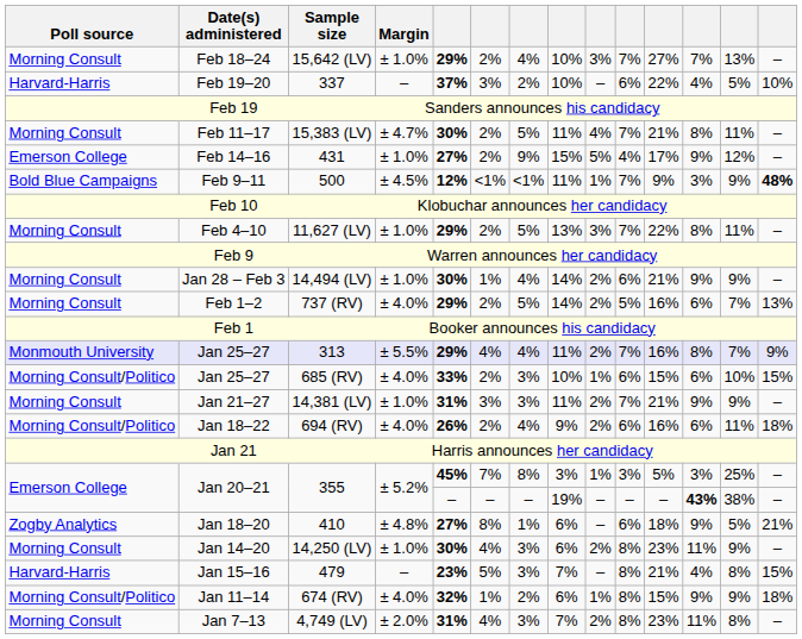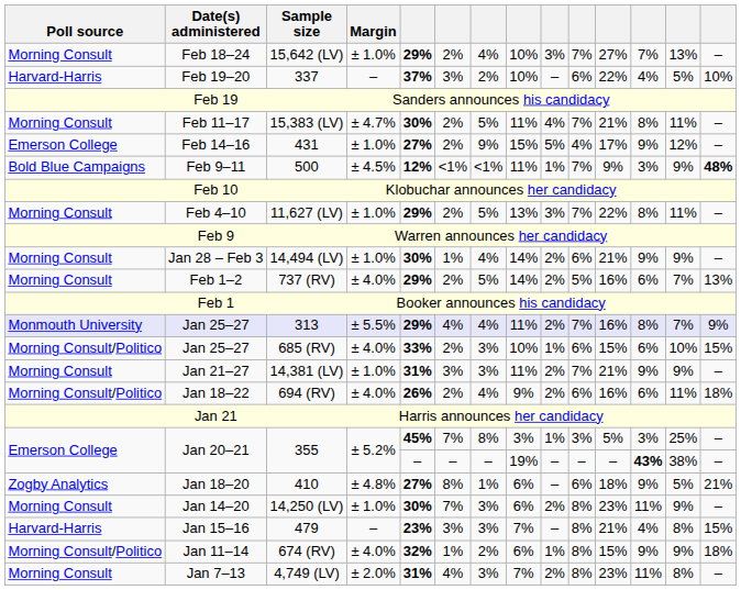 <table class="wikitable sortable" style="text-align:center;">
 <tr valign=bottom>
 <th style="background-position: right 85%;">Poll source</th>
 <th style="background-position: right 85%;">Date(s)<br>administered</th>
 <th style="background-position: right 85%;">Sample<br>size</th>
 <th style="background-position: right 85%;">Margin<br></th>
 <th></th>
 <th></th>
 <th></th>
 <th></th>
 <th></th>
 <th></th>
 <th></th>
 <th></th>
 <th></th>
 <th></th>
 </tr>
 <tr>
 <td style="text-align:left;"><a href='#'>Morning Consult</a></td>
 <td>Feb 18–24</td>
 <td>15,642 (LV)</td>
 <td>± 1.0%</td>
 <td><strong>29%</strong></td>
 <td>2%</td>
 <td>4%</td>
 <td>10%</td>
 <td>3%</td>
 <td>7%</td>
 <td>27%</td>
 <td>7%</td>
 <td>13%</td>
 <td>–</td>
 </tr>
 <tr>
 <td style="text-align:left;"><a href='#'>Harvard-Harris</a></td>
 <td>Feb 19–20</td>
 <td>337</td>
 <td>–</td>
 <td><strong>37%</strong></td>
 <td>3%</td>
 <td>2%</td>
 <td>10%</td>
 <td>–</td>
 <td>6%</td>
 <td>22%</td>
 <td>4%</td>
 <td>5%</td>
 <td>10%</td>
 </tr>
 <tr style="background:lightyellow;">
 <td style="border-right-style:hidden;"></td>
 <td style="border-right-style:hidden;">Feb 19</td>
 <td colspan=14>Sanders announces <a href='#'>his candidacy</a></td>
 </tr>
 <tr>
 <td style="text-align:left;"><a href='#'>Morning Consult</a></td>
 <td>Feb 11–17</td>
 <td>15,383 (LV)</td>
 <td>± 4.7%</td>
 <td><strong>30%</strong></td>
 <td>2%</td>
 <td>5%</td>
 <td>11%</td>
 <td>4%</td>
 <td>7%</td>
 <td>21%</td>
 <td>8%</td>
 <td>11%</td>
 <td>–</td>
 </tr>
 <tr>
 <td style="text-align:left;"><a href='#'>Emerson College</a></td>
 <td>Feb 14–16</td>
 <td>431</td>
 <td>± 1.0%</td>
 <td><strong>27%</strong></td>
 <td>2%</td>
 <td>9%</td>
 <td>15%</td>
 <td>5%</td>
 <td>4%</td>
 <td>17%</td>
 <td>9%</td>
 <td>12%</td>
 <td>–</td>
 </tr>
 <tr>
 <td style="text-align:left;"><a href='#'>Bold Blue Campaigns</a></td>
 <td>Feb 9–11</td>
 <td>500</td>
 <td>± 4.5%</td>
 <td><strong>12%</strong></td>
 <td><1%</td>
 <td><1%</td>
 <td>11%</td>
 <td>1%</td>
 <td>7%</td>
 <td>9%</td>
 <td>3%</td>
 <td>9%</td>
 <td><strong>48%</strong></td>
 </tr>
 <tr style="background:lightyellow;">
 <td style="border-right-style:hidden;"></td>
 <td style="border-right-style:hidden;">Feb 10</td>
 <td colspan=14>Klobuchar announces <a href='#'>her candidacy</a></td>
 </tr>
 <tr>
 <td style="text-align:left;"><a href='#'>Morning Consult</a></td>
 <td>Feb 4–10</td>
 <td>11,627 (LV)</td>
 <td>± 1.0%</td>
 <td><strong>29%</strong></td>
 <td>2%</td>
 <td>5%</td>
 <td>13%</td>
 <td>3%</td>
 <td>7%</td>
 <td>22%</td>
 <td>8%</td>
 <td>11%</td>
 <td>–</td>
 </tr>
 <tr style="background:lightyellow;">
 <td style="border-right-style:hidden;"></td>
 <td style="border-right-style:hidden;">Feb 9</td>
 <td colspan=14>Warren announces <a href='#'>her candidacy</a></td>
 </tr>
 <tr>
 <td style="text-align:left;"><a href='#'>Morning Consult</a></td>
 <td>Jan 28 – Feb 3</td>
 <td>14,494 (LV)</td>
 <td>± 1.0%</td>
 <td><strong>30%</strong></td>
 <td>1%</td>
 <td>4%</td>
 <td>14%</td>
 <td>2%</td>
 <td>6%</td>
 <td>21%</td>
 <td>9%</td>
 <td>9%</td>
 <td>–</td>
 </tr>
 <tr>
 <td style="text-align:left;"><a href='#'>Morning Consult</a></td>
 <td>Feb 1–2</td>
 <td>737 (RV)</td>
 <td>± 4.0%</td>
 <td><strong>29%</strong></td>
 <td>2%</td>
 <td>5%</td>
 <td>14%</td>
 <td>2%</td>
 <td>5%</td>
 <td>16%</td>
 <td>6%</td>
 <td>7%</td>
 <td>13%</td>
 </tr>
 <tr style="background:lightyellow;">
 <td style="border-right-style:hidden;"></td>
 <td style="border-right-style:hidden;">Feb 1</td>
 <td colspan=14>Booker announces <a href='#'>his candidacy</a></td>
 </tr>
 <tr bgcolor=lavender>
 <td style="text-align:left;"><a href='#'>Monmouth University</a></td>
 <td>Jan 25–27</td>
 <td>313</td>
 <td>± 5.5%</td>
 <td><strong>29%</strong></td>
 <td>4%</td>
 <td>4%</td>
 <td>11%</td>
 <td>2%</td>
 <td>7%</td>
 <td>16%</td>
 <td>8%</td>
 <td>7%</td>
 <td>9%</td>
 </tr>
 <tr>
 <td style="text-align:left;"><a href='#'>Morning Consult</a>/<a href='#'>Politico</a></td>
 <td>Jan 25–27</td>
 <td>685 (RV)</td>
 <td>± 4.0%</td>
 <td><strong>33%</strong></td>
 <td>2%</td>
 <td>3%</td>
 <td>10%</td>
 <td>1%</td>
 <td>6%</td>
 <td>15%</td>
 <td>6%</td>
 <td>10%</td>
 <td>15%</td>
 </tr>
 <tr>
 <td style="text-align:left;"><a href='#'>Morning Consult</a></td>
 <td>Jan 21–27</td>
 <td>14,381 (LV)</td>
 <td>± 1.0%</td>
 <td><strong>31%</strong></td>
 <td>3%</td>
 <td>3%</td>
 <td>11%</td>
 <td>2%</td>
 <td>7%</td>
 <td>21%</td>
 <td>9%</td>
 <td>9%</td>
 <td>–</td>
 </tr>
 <tr>
 <td style="text-align:left;"><a href='#'>Morning Consult</a>/<a href='#'>Politico</a></td>
 <td>Jan 18–22</td>
 <td>694 (RV)</td>
 <td>± 4.0%</td>
 <td><strong>26%</strong></td>
 <td>2%</td>
 <td>4%</td>
 <td>9%</td>
 <td>2%</td>
 <td>6%</td>
 <td>16%</td>
 <td>6%</td>
 <td>11%</td>
 <td>18%</td>
 </tr>
 <tr style="background:lightyellow;">
 <td style="border-right-style:hidden;"></td>
 <td style="border-right-style:hidden;">Jan 21</td>
 <td colspan=14>Harris announces <a href='#'>her candidacy</a></td>
 </tr>
 <tr>
 <td rowspan=2 style="text-align:left;"><a href='#'>Emerson College</a></td>
 <td rowspan=2>Jan 20–21</td>
 <td rowspan=2>355</td>
 <td rowspan=2>± 5.2%</td>
 <td><strong>45%</strong></td>
 <td>7%</td>
 <td>8%</td>
 <td>3%</td>
 <td>1%</td>
 <td>3%</td>
 <td>5%</td>
 <td>3%</td>
 <td>25%</td>
 <td>–</td>
 </tr>
 <tr>
 <td>–</td>
 <td>–</td>
 <td>–</td>
 <td>19%</td>
 <td>–</td>
 <td>–</td>
 <td>–</td>
 <td><strong>43%</strong></td>
 <td>38%</td>
 <td>–</td>
 </tr>
 <tr>
 <td style="text-align:left;"><a href='#'>Zogby Analytics</a></td>
 <td>Jan 18–20</td>
 <td>410</td>
 <td>± 4.8%</td>
 <td><strong>27%</strong></td>
 <td>8%</td>
 <td>1%</td>
 <td>6%</td>
 <td>–</td>
 <td>6%</td>
 <td>18%</td>
 <td>9%</td>
 <td>5%</td>
 <td>21%</td>
 </tr>
 <tr>
 <td style="text-align:left;"><a href='#'>Morning Consult</a></td>
 <td>Jan 14–20</td>
 <td>14,250 (LV)</td>
 <td>± 1.0%</td>
 <td><strong>30%</strong></td>
-<td>4%</td>
+<td>7%</td>
 <td>3%</td>
 <td>6%</td>
 <td>2%</td>
 <td>8%</td>
 <td>23%</td>
 <td>11%</td>
 <td>9%</td>
 <td>–</td>
 </tr>
 <tr>
 <td style="text-align:left;"><a href='#'>Harvard-Harris</a></td>
 <td>Jan 15–16</td>
 <td>479</td>
 <td>–</td>
 <td><strong>23%</strong></td>
-<td>5%</td>
+<td>3%</td>
 <td>3%</td>
 <td>7%</td>
 <td>–</td>
 <td>8%</td>
 <td>21%</td>
 <td>4%</td>
 <td>8%</td>
 <td>15%</td>
 </tr>
 <tr>
 <td style="text-align:left;"><a href='#'>Morning Consult</a>/<a href='#'>Politico</a></td>
 <td>Jan 11–14</td>
 <td>674 (RV)</td>
 <td>± 4.0%</td>
 <td><strong>32%</strong></td>
 <td>1%</td>
 <td>2%</td>
 <td>6%</td>
 <td>1%</td>
 <td>8%</td>
 <td>15%</td>
 <td>9%</td>
 <td>9%</td>
 <td>18%</td>
 </tr>
 <tr>
 <td style="text-align:left;"><a href='#'>Morning Consult</a></td>
 <td>Jan 7–13</td>
 <td>4,749 (LV)</td>
 <td>± 2.0%</td>
 <td><strong>31%</strong></td>
 <td>4%</td>
 <td>3%</td>
 <td>7%</td>
 <td>2%</td>
 <td>8%</td>
 <td>23%</td>
 <td>11%</td>
 <td>8%</td>
 <td>–</td>
 </tr>
 </table>
